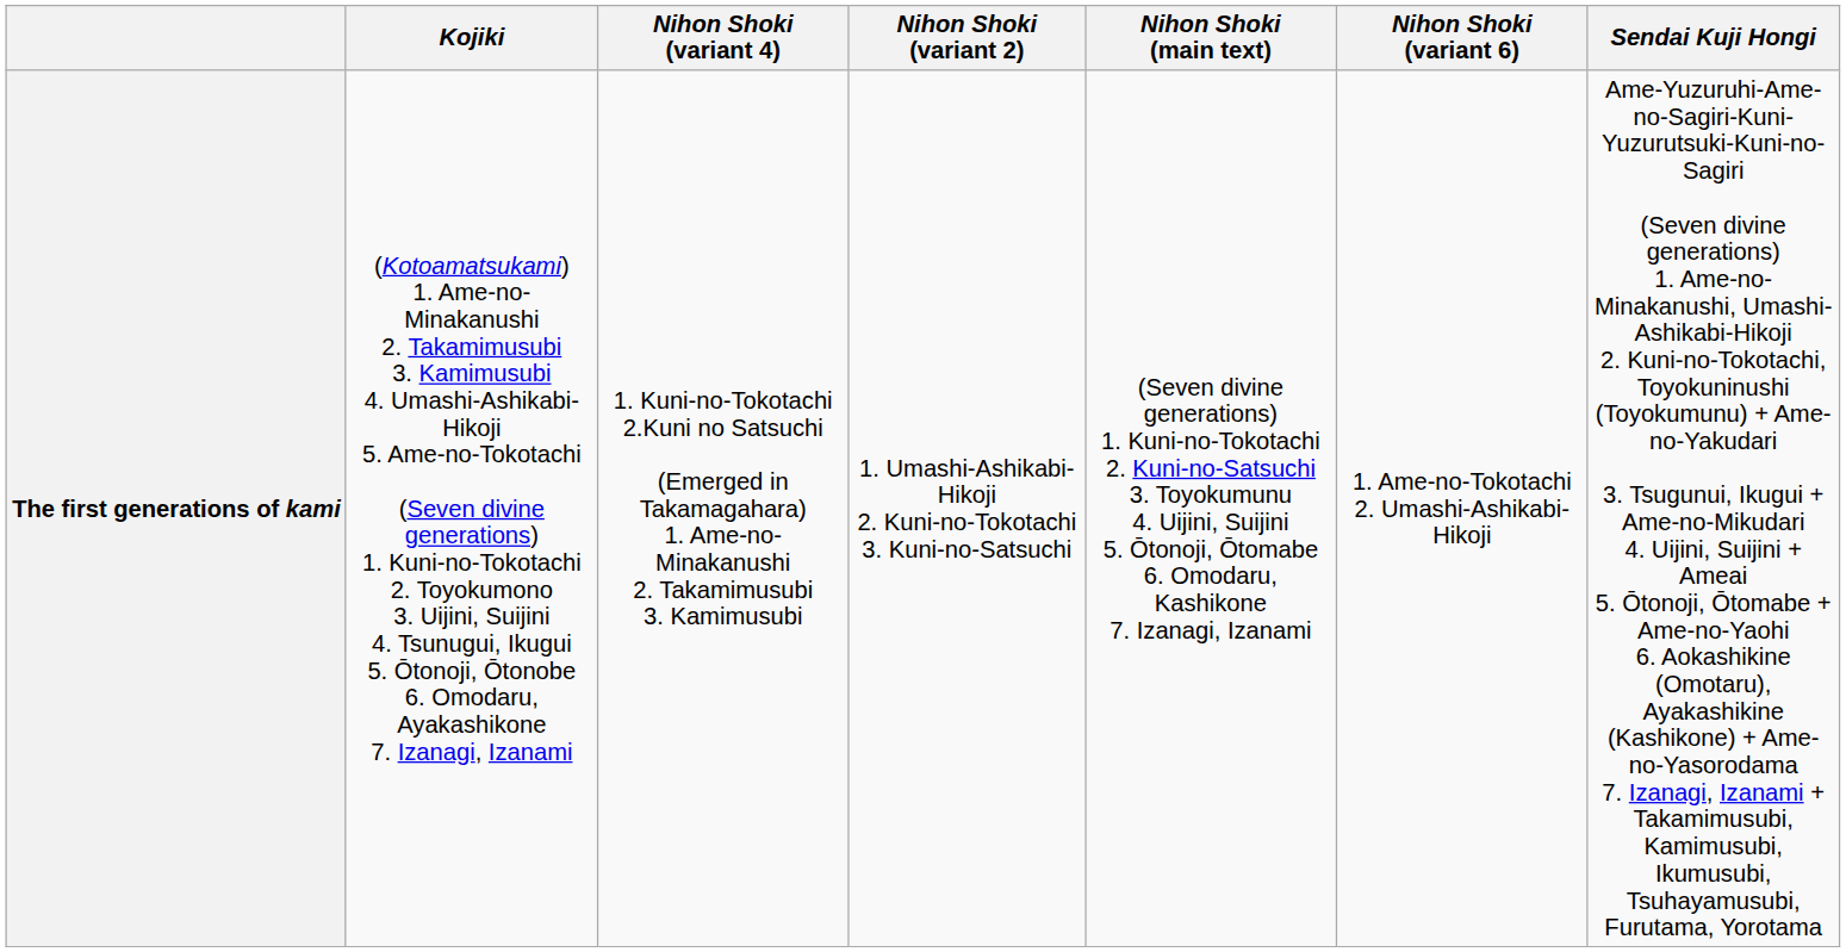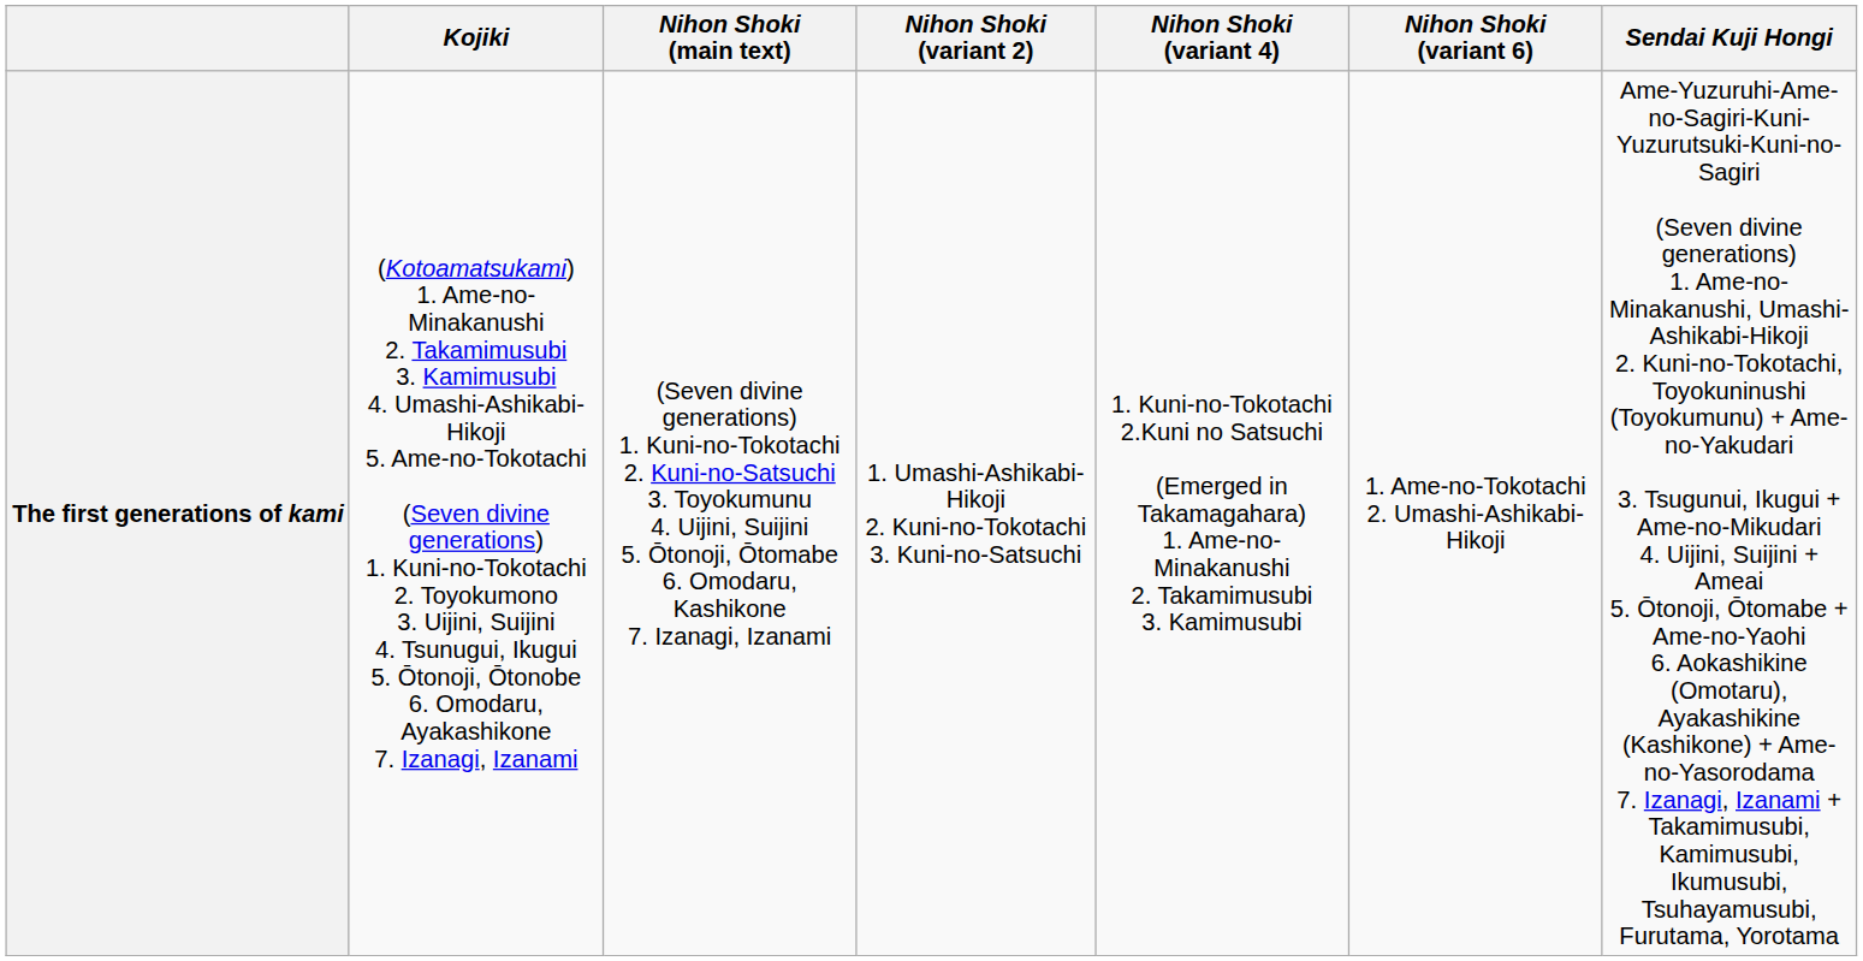 <table class="wikitable collapsible collapsed" style="margin-left: auto; margin-right: auto; border: none; text-align: center;">
 <tr>
 <th></th>
 <th scope="col" style="width: 160px;"><em>Kojiki</em></th>
+<th scope="col" style="width: 160px;"><em>Nihon Shoki</em><br>(main text)</th>
+<th scope="col" style="width: 150px;"><em>Nihon Shoki</em><br>(variant 2)</th>
 <th scope="col" style="width: 160px;"><em>Nihon Shoki</em><br>(variant 4)</th>
-<th scope="col" style="width: 150px;"><em>Nihon Shoki</em><br>(variant 2)</th>
-<th scope="col" style="width: 160px;"><em>Nihon Shoki</em><br>(main text)</th>
 <th scope="col" style="width: 160px;"><em>Nihon Shoki</em><br>(variant 6)</th>
 <th scope="col" style="width: 160px;"><em>Sendai Kuji Hongi</em></th>
 </tr>
 <tr>
 <th scope="row">The first generations of <em>kami</em></th>
 <td>(<em><a href='#'>Kotoamatsukami</a></em>)<br>1. Ame-no-Minakanushi<br>2. <a href='#'>Takamimusubi</a><br>3. <a href='#'>Kamimusubi</a><br>4. Umashi-Ashikabi-Hikoji<br>5. Ame-no-Tokotachi<br><br>(<a href='#'>Seven divine generations</a>)<br>1. Kuni-no-Tokotachi<br>2. Toyokumono<br>3. Uijini, Suijini<br>4. Tsunugui, Ikugui<br>5. Ōtonoji, Ōtonobe<br>6. Omodaru, Ayakashikone<br>7. <a href='#'>Izanagi</a>, <a href='#'>Izanami</a></td>
+<td>(Seven divine generations)<br>1. Kuni-no-Tokotachi<br>2. <a href='#'>Kuni-no-Satsuchi</a><br>3. Toyokumunu<br>4. Uijini, Suijini<br>5. Ōtonoji, Ōtomabe<br>6. Omodaru, Kashikone<br>7. Izanagi, Izanami</td>
+<td>1. Umashi-Ashikabi-Hikoji<br>2. Kuni-no-Tokotachi<br>3. Kuni-no-Satsuchi</td>
 <td>1. Kuni-no-Tokotachi<br>2.Kuni no Satsuchi<br><br>(Emerged in Takamagahara)<br> 1. Ame-no-Minakanushi<br>2. Takamimusubi<br>3. Kamimusubi</td>
-<td>1. Umashi-Ashikabi-Hikoji<br>2. Kuni-no-Tokotachi<br>3. Kuni-no-Satsuchi</td>
-<td>(Seven divine generations)<br>1. Kuni-no-Tokotachi<br>2. <a href='#'>Kuni-no-Satsuchi</a><br>3. Toyokumunu<br>4. Uijini, Suijini<br>5. Ōtonoji, Ōtomabe<br>6. Omodaru, Kashikone<br>7. Izanagi, Izanami</td>
 <td>1. Ame-no-Tokotachi<br>2. Umashi-Ashikabi-Hikoji</td>
 <td>Ame-Yuzuruhi-Ame-no-Sagiri-Kuni-Yuzurutsuki-Kuni-no-Sagiri<br><br>(Seven divine generations)<br>1. Ame-no-Minakanushi, Umashi-Ashikabi-Hikoji<br>2. Kuni-no-Tokotachi, Toyokuninushi (Toyokumunu) + Ame-no-Yakudari<br><br>3. Tsugunui, Ikugui + Ame-no-Mikudari<br> 4. Uijini, Suijini + Ameai<br> 5. Ōtonoji, Ōtomabe + Ame-no-Yaohi<br> 6. Aokashikine (Omotaru), Ayakashikine (Kashikone) + Ame-no-Yasorodama<br> 7. <a href='#'>Izanagi</a>, <a href='#'>Izanami</a> + Takamimusubi, Kamimusubi, Ikumusubi, Tsuhayamusubi, Furutama, Yorotama</td>
 </tr>
 </table>
